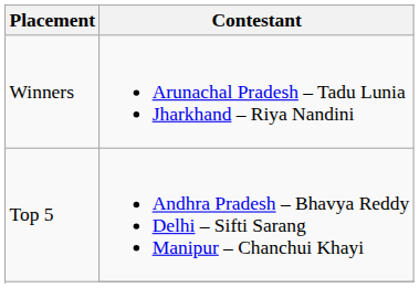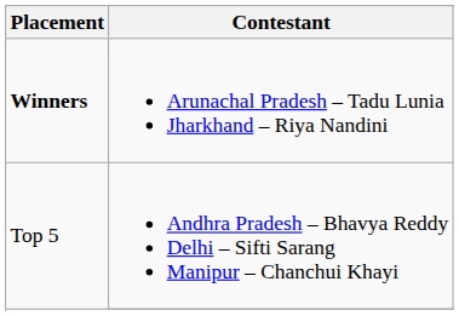 <table class="wikitable">
 <tr>
 <th>Placement</th>
 <th>Contestant</th>
 </tr>
 <tr>
-<td>Winners</td>
+<td><strong>Winners</strong></td>
 <td><br><ul><li><a href='#'>Arunachal Pradesh</a> – Tadu Lunia</li><li><a href='#'>Jharkhand</a> – Riya Nandini</li></ul></td>
 </tr>
 <tr>
 <td rowspan=5>Top 5</td>
 <td><br><ul><li><a href='#'>Andhra Pradesh</a> – Bhavya Reddy</li><li><a href='#'>Delhi</a> – Sifti Sarang</li><li><a href='#'>Manipur</a> – Chanchui Khayi</li></ul></td>
 </tr>
 <tr>
 </tr>
 </table>
